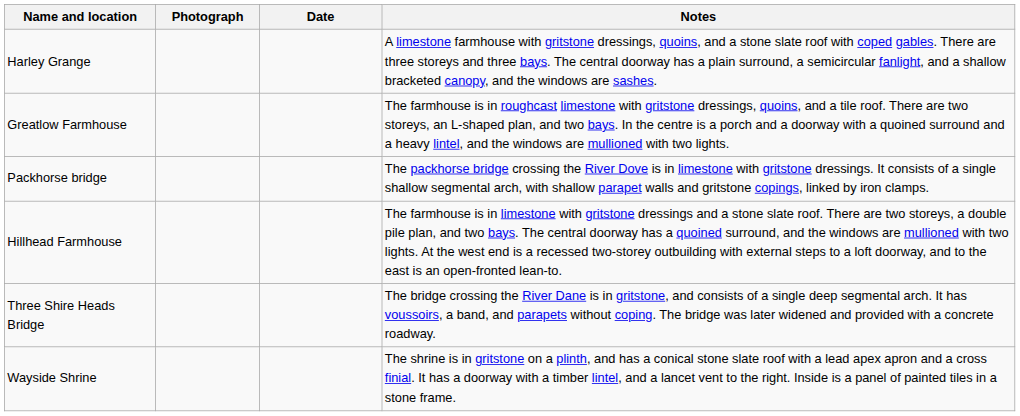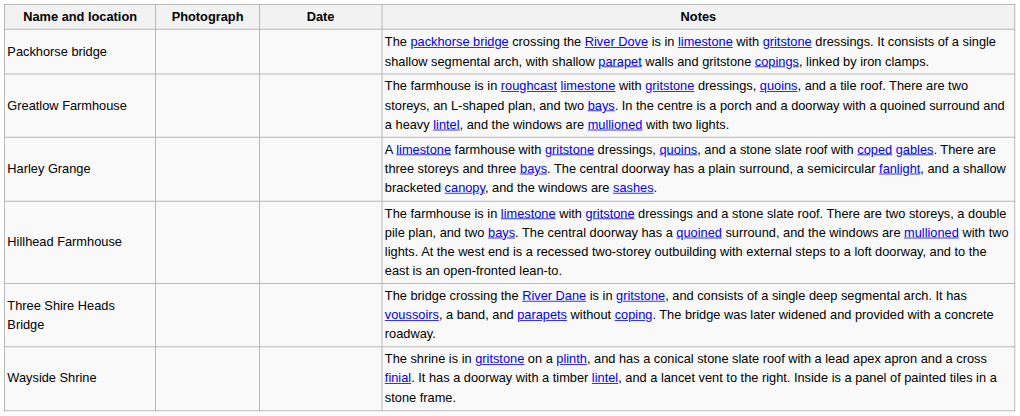 <table class="wikitable sortable plainrowheaders" style="width:100%;border:0px;text-align:left;line-height:150%;">
 <tr>
 <th scope="col"  style="width:150px">Name and location</th>
 <th scope="col"  style="width:100px" class="unsortable">Photograph</th>
 <th scope="col"  style="width:120px">Date</th>
 <th scope="col"  style="width:650px" class="unsortable">Notes</th>
 </tr>
 <tr>
-<td>Harley Grange<br><small></small></td>
+<td>Packhorse bridge<br><small></small></td>
 <td></td>
 <td align="center"></td>
-<td>A <a href='#'>limestone</a> farmhouse with <a href='#'>gritstone</a> dressings, <a href='#'>quoins</a>, and a stone slate roof with <a href='#'>coped</a> <a href='#'>gables</a>.  There are three storeys and three <a href='#'>bays</a>.  The central doorway has a plain surround, a semicircular <a href='#'>fanlight</a>, and a shallow bracketed <a href='#'>canopy</a>, and the windows are <a href='#'>sashes</a>.</td>
+<td>The <a href='#'>packhorse bridge</a> crossing the <a href='#'>River Dove</a> is in <a href='#'>limestone</a> with <a href='#'>gritstone</a> dressings.  It consists of a single shallow segmental arch, with shallow <a href='#'>parapet</a> walls and gritstone <a href='#'>copings</a>, linked by iron clamps.</td>
 </tr>
 <tr>
 <td>Greatlow Farmhouse<br><small></small></td>
 <td></td>
 <td align="center"></td>
 <td>The farmhouse is in <a href='#'>roughcast</a> <a href='#'>limestone</a> with <a href='#'>gritstone</a> dressings, <a href='#'>quoins</a>, and a tile roof.  There are two storeys, an L-shaped plan, and two <a href='#'>bays</a>.  In the centre is a porch and a doorway with a quoined surround and a heavy <a href='#'>lintel</a>, and the windows are <a href='#'>mullioned</a> with two lights.</td>
 </tr>
 <tr>
-<td>Packhorse bridge<br><small></small></td>
+<td>Harley Grange<br><small></small></td>
 <td></td>
 <td align="center"></td>
-<td>The <a href='#'>packhorse bridge</a> crossing the <a href='#'>River Dove</a> is in <a href='#'>limestone</a> with <a href='#'>gritstone</a> dressings.  It consists of a single shallow segmental arch, with shallow <a href='#'>parapet</a> walls and gritstone <a href='#'>copings</a>, linked by iron clamps.</td>
+<td>A <a href='#'>limestone</a> farmhouse with <a href='#'>gritstone</a> dressings, <a href='#'>quoins</a>, and a stone slate roof with <a href='#'>coped</a> <a href='#'>gables</a>.  There are three storeys and three <a href='#'>bays</a>.  The central doorway has a plain surround, a semicircular <a href='#'>fanlight</a>, and a shallow bracketed <a href='#'>canopy</a>, and the windows are <a href='#'>sashes</a>.</td>
 </tr>
 <tr>
 <td>Hillhead Farmhouse<br><small></small></td>
 <td></td>
 <td align="center"></td>
 <td>The farmhouse is in <a href='#'>limestone</a> with <a href='#'>gritstone</a> dressings and a stone slate roof. There are two storeys, a double pile plan, and two <a href='#'>bays</a>.  The central doorway has a <a href='#'>quoined</a> surround, and the windows are <a href='#'>mullioned</a> with two lights.  At the west end is a recessed two-storey outbuilding with external steps to a loft doorway, and to the east is an open-fronted lean-to.</td>
 </tr>
 <tr>
 <td>Three Shire Heads Bridge<br><small></small></td>
 <td></td>
 <td align="center"></td>
 <td>The bridge crossing the <a href='#'>River Dane</a> is in <a href='#'>gritstone</a>, and consists of a single deep segmental arch.  It has <a href='#'>voussoirs</a>, a band, and <a href='#'>parapets</a> without <a href='#'>coping</a>.  The bridge was later widened and provided with a concrete roadway.</td>
 </tr>
 <tr>
 <td>Wayside Shrine<br><small></small></td>
 <td></td>
 <td align="center"></td>
 <td>The shrine is in <a href='#'>gritstone</a> on a <a href='#'>plinth</a>, and has a conical stone slate roof with a lead apex apron and a cross <a href='#'>finial</a>.  It has a doorway with a timber <a href='#'>lintel</a>, and a lancet vent to the right.  Inside is a panel of painted tiles in a stone frame.</td>
 </tr>
 <tr>
 </tr>
 </table>
